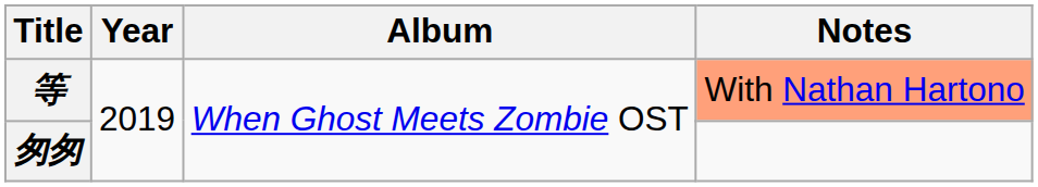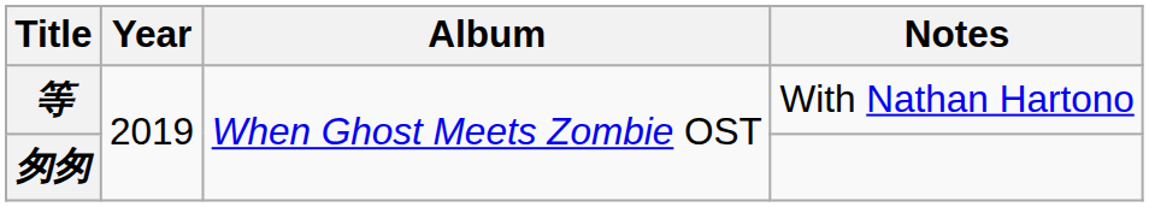 <table class="wikitable sortable">
 <tr>
 <th>Title</th>
 <th>Year</th>
 <th>Album</th>
 <th class="unsortable">Notes</th>
 </tr>
 <tr>
 <th scope="row"><em>等</em></th>
 <td rowspan="2">2019</td>
 <td rowspan="2"><em><a href='#'>When Ghost Meets Zombie</a></em> OST</td>
-<td style="background: lightsalmon;">With <a href='#'>Nathan Hartono</a></td>
+<td>With <a href='#'>Nathan Hartono</a></td>
 </tr>
 <tr>
 <th scope="row"><em>匆匆</em></th>
 <td></td>
 </tr>
 </table>
